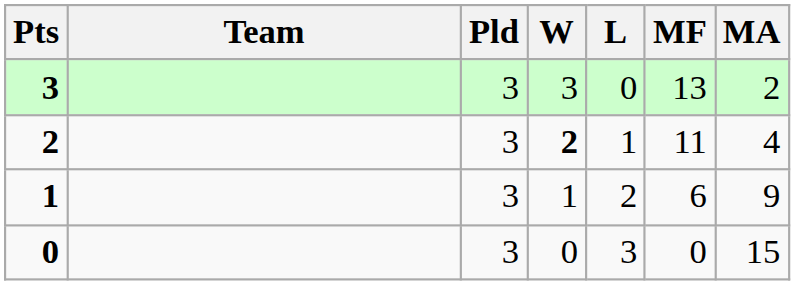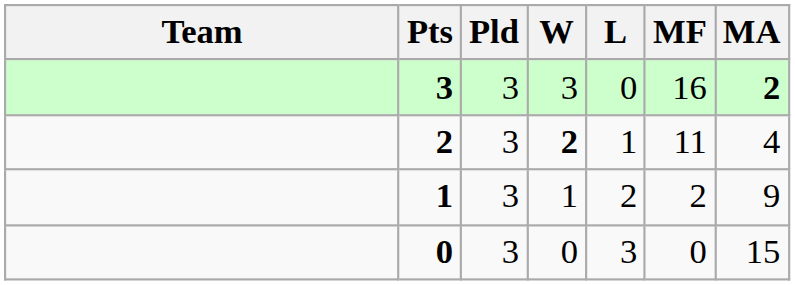 <table class=wikitable style="text-align:right">
 <tr>
+<th width=175>Team</th>
 <th width=20>Pts</th>
-<th width=175>Team</th>
 <th width=20>Pld</th>
 <th width=20>W</th>
 <th width=20>L</th>
 <th width=20>MF</th>
 <th width=20>MA</th>
 </tr>
 <tr bgcolor=ccffcc>
+<td style="text-align:left"><strong></strong></td>
 <td><strong>3</strong></td>
-<td style="text-align:left"><strong></strong></td>
 <td>3</td>
 <td>3</td>
 <td>0</td>
-<td>13</td>
-<td>2</td>
+<td>16</td>
+<td><strong>2</strong></td>
 </tr>
 <tr>
+<td style="text-align:left"></td>
 <td><strong>2</strong></td>
-<td style="text-align:left"></td>
 <td>3</td>
 <td><strong>2</strong></td>
 <td>1</td>
 <td>11</td>
 <td>4</td>
 </tr>
 <tr>
+<td style="text-align:left"></td>
 <td><strong>1</strong></td>
-<td style="text-align:left"></td>
 <td>3</td>
 <td>1</td>
 <td>2</td>
-<td>6</td>
+<td>2</td>
 <td>9</td>
 </tr>
 <tr>
+<td style="text-align:left"></td>
 <td><strong>0</strong></td>
-<td style="text-align:left"></td>
 <td>3</td>
 <td>0</td>
 <td>3</td>
 <td>0</td>
 <td>15</td>
 </tr>
 </table>
